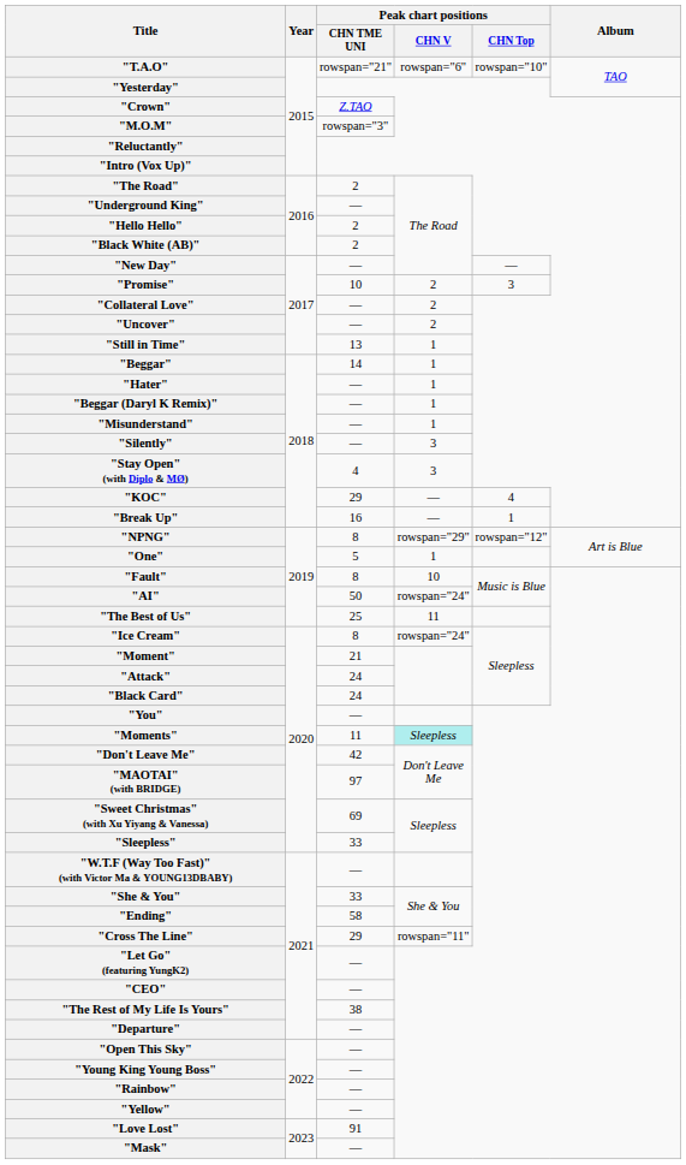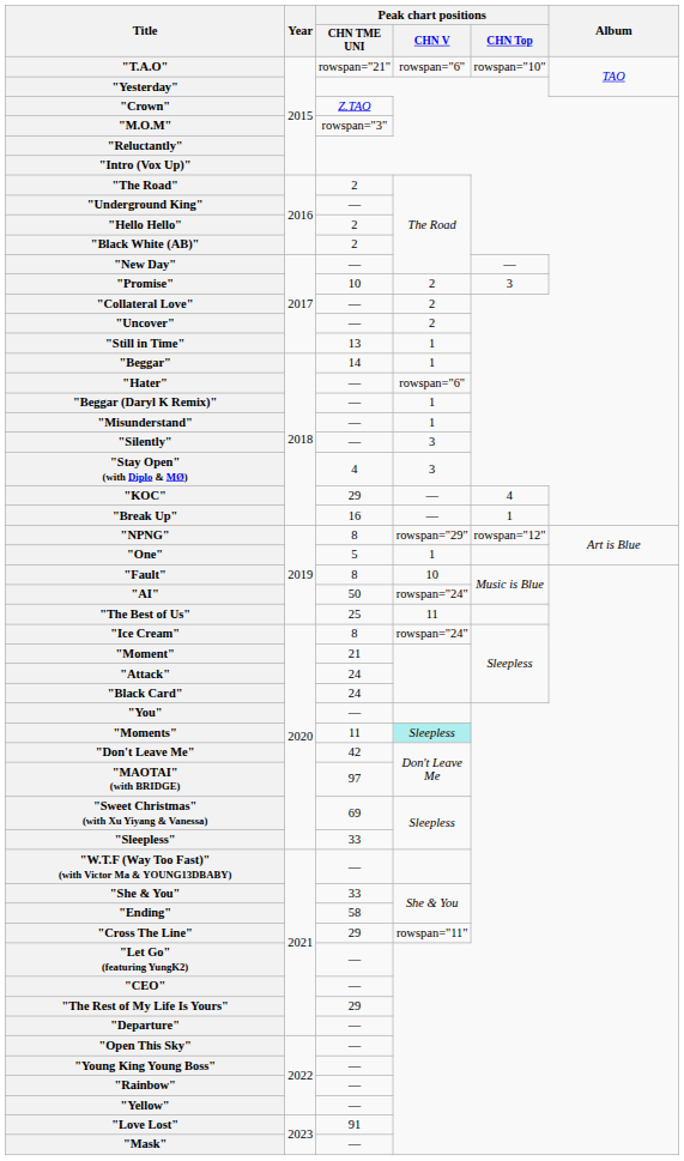 <table class="wikitable plainrowheaders" style="text-align:center;">
 <tr>
 <th rowspan="2" scope="col" style="width:22em;">Title</th>
 <th rowspan="2" scope="col" style="width:1em;">Year</th>
 <th colspan="3">Peak chart positions</th>
 <th rowspan="2" scope="col" style="width:10em;">Album</th>
 </tr>
 <tr>
 <th scope="col" style="width:3em;font-size:90%;">CHN TME UNI<br></th>
 <th style="width:3em; font-size:90%"><a href='#'>CHN V</a><br></th>
 <th style="width:3em; font-size:90%"><a href='#'>CHN Top</a><br></th>
 </tr>
 <tr>
 <th scope="row">"T.A.O"</th>
 <td rowspan="6">2015</td>
 <td>rowspan="21" </td>
 <td>rowspan="6" </td>
 <td>rowspan="10" </td>
 <td rowspan="2"><em><a href='#'>TAO</a></em></td>
 </tr>
 <tr>
 <th scope="row">"Yesterday"</th>
 </tr>
 <tr>
 <th scope="row">"Crown" </th>
 <td><em><a href='#'>Z.TAO</a></em></td>
 </tr>
 <tr>
 <th scope="row">"M.O.M"</th>
 <td>rowspan="3" </td>
 </tr>
 <tr>
 <th scope="row">"Reluctantly" </th>
 </tr>
 <tr>
 <th scope="row">"Intro (Vox Up)"</th>
 </tr>
 <tr>
 <th scope="row">"The Road"</th>
 <td rowspan="4">2016</td>
 <td>2</td>
 <td rowspan="5"><em>The Road</em></td>
 </tr>
 <tr>
 <th scope="row">"Underground King"</th>
 <td>—</td>
 </tr>
 <tr>
 <th scope="row">"Hello Hello" <br></th>
 <td>2</td>
 </tr>
 <tr>
 <th scope="row">"Black White (AB)"</th>
 <td>2</td>
 </tr>
 <tr>
 <th scope="row">"New Day"</th>
 <td rowspan="5">2017</td>
 <td>—</td>
 <td>—</td>
 </tr>
 <tr>
 <th scope="row">"Promise"</th>
 <td>10</td>
 <td>2</td>
 <td>3</td>
 </tr>
 <tr>
 <th scope="row">"Collateral Love"</th>
 <td>—</td>
 <td>2</td>
 </tr>
 <tr>
 <th scope="row">"Uncover" </th>
 <td>—</td>
 <td>2</td>
 </tr>
 <tr>
 <th scope="row">"Still in Time" </th>
 <td>13</td>
 <td>1</td>
 </tr>
 <tr>
 <th scope="row">"Beggar"</th>
 <td rowspan="8">2018</td>
 <td>14</td>
 <td>1</td>
 </tr>
 <tr>
 <th scope="row">"Hater"</th>
 <td>—</td>
-<td>1</td>
+<td>rowspan="6" </td>
 </tr>
 <tr>
 <th scope="row">"Beggar (Daryl K Remix)" </th>
 <td>—</td>
 <td>1</td>
 </tr>
 <tr>
 <th scope="row">"Misunderstand"</th>
 <td>—</td>
 <td>1</td>
 </tr>
 <tr>
 <th scope="row">"Silently" </th>
 <td>—</td>
 <td>3</td>
 </tr>
 <tr>
 <th scope="row">"Stay Open" <br><small>(with <a href='#'>Diplo</a> & <a href='#'>MØ</a>)</small></th>
 <td>4</td>
 <td>3</td>
 </tr>
 <tr>
 <th scope="row">"KOC"</th>
 <td>29</td>
 <td>—</td>
 <td>4</td>
 </tr>
 <tr>
 <th scope=row>"Break Up" </th>
 <td>16</td>
 <td>—</td>
 <td>1</td>
 </tr>
 <tr>
 <th scope=row>"NPNG" <br></th>
 <td rowspan="5">2019</td>
 <td>8</td>
 <td>rowspan="29" </td>
 <td>rowspan="12" </td>
 <td rowspan="2"><em>Art is Blue</em></td>
 </tr>
 <tr>
 <th scope=row>"One" </th>
 <td>5</td>
 <td>1</td>
 </tr>
 <tr>
 <th scope=row>"Fault" </th>
 <td>8</td>
 <td>10</td>
 <td rowspan="2"><em>Music is Blue</em></td>
 </tr>
 <tr>
 <th scope=row>"AI" </th>
 <td>50</td>
 <td>rowspan="24" </td>
 </tr>
 <tr>
 <th scope=row>"The Best of Us" </th>
 <td>25</td>
 <td>11</td>
 <td></td>
 </tr>
 <tr>
 <th scope=row>"Ice Cream" </th>
 <td rowspan="10">2020</td>
 <td>8</td>
 <td>rowspan="24" </td>
 <td rowspan="4"><em>Sleepless</em></td>
 </tr>
 <tr>
 <th scope=row>"Moment" </th>
 <td>21</td>
 </tr>
 <tr>
 <th scope=row>"Attack"  </th>
 <td>24</td>
 </tr>
 <tr>
 <th scope=row>"Black Card" <br></th>
 <td>24</td>
 </tr>
 <tr>
 <th scope=row>"You" </th>
 <td>—</td>
 <td></td>
 </tr>
 <tr>
 <th scope=row>"Moments" </th>
 <td>11</td>
 <td style="background: paleturquoise;"><em>Sleepless</em></td>
 </tr>
 <tr>
 <th scope=row>"Don't Leave Me" </th>
 <td>42</td>
 <td rowspan="2"><em>Don't Leave Me</em></td>
 </tr>
 <tr>
 <th scope=row>"MAOTAI" <br><small>(with BRIDGE)</small></th>
 <td>97</td>
 </tr>
 <tr>
 <th scope="row">"Sweet Christmas" <br><small>(with Xu Yiyang & Vanessa)</small></th>
 <td>69</td>
 <td rowspan="2"><em>Sleepless</em></td>
 </tr>
 <tr>
 <th scope=row>"Sleepless" </th>
 <td>33</td>
 </tr>
 <tr>
 <th scope=row>"W.T.F (Way Too Fast)"<br><small>(with Victor Ma & YOUNG13DBABY)</small></th>
 <td rowspan="8">2021</td>
 <td>—</td>
 <td></td>
 </tr>
 <tr>
 <th scope=row>"She & You" </th>
 <td>33</td>
 <td rowspan="2"><em>She & You</em></td>
 </tr>
 <tr>
 <th scope=row>"Ending" </th>
 <td>58</td>
 </tr>
 <tr>
 <th scope=row>"Cross The Line" </th>
 <td>29</td>
 <td>rowspan="11" </td>
 </tr>
 <tr>
 <th scope=row>"Let Go" <br><small>(featuring YungK2)</small></th>
 <td>—</td>
 </tr>
 <tr>
 <th scope=row>"CEO" </th>
 <td>—</td>
 </tr>
 <tr>
 <th scope=row>"The Rest of My Life Is Yours" </th>
-<td>38</td>
+<td>29</td>
 </tr>
 <tr>
 <th scope=row>"Departure" </th>
 <td>—</td>
 </tr>
 <tr>
 <th scope=row>"Open This Sky" </th>
 <td rowspan="4">2022</td>
 <td>—</td>
 </tr>
 <tr>
 <th scope=row>"Young King Young Boss" </th>
 <td>—</td>
 </tr>
 <tr>
 <th scope=row>"Rainbow" <br></th>
 <td>—</td>
 </tr>
 <tr>
 <th scope=row>"Yellow"</th>
 <td>—</td>
 </tr>
 <tr>
 <th scope=row>"Love Lost" </th>
 <td rowspan="2">2023</td>
 <td>91</td>
 </tr>
 <tr>
 <th scope=row>"Mask"  <br></th>
 <td>—</td>
 </tr>
 </table>
